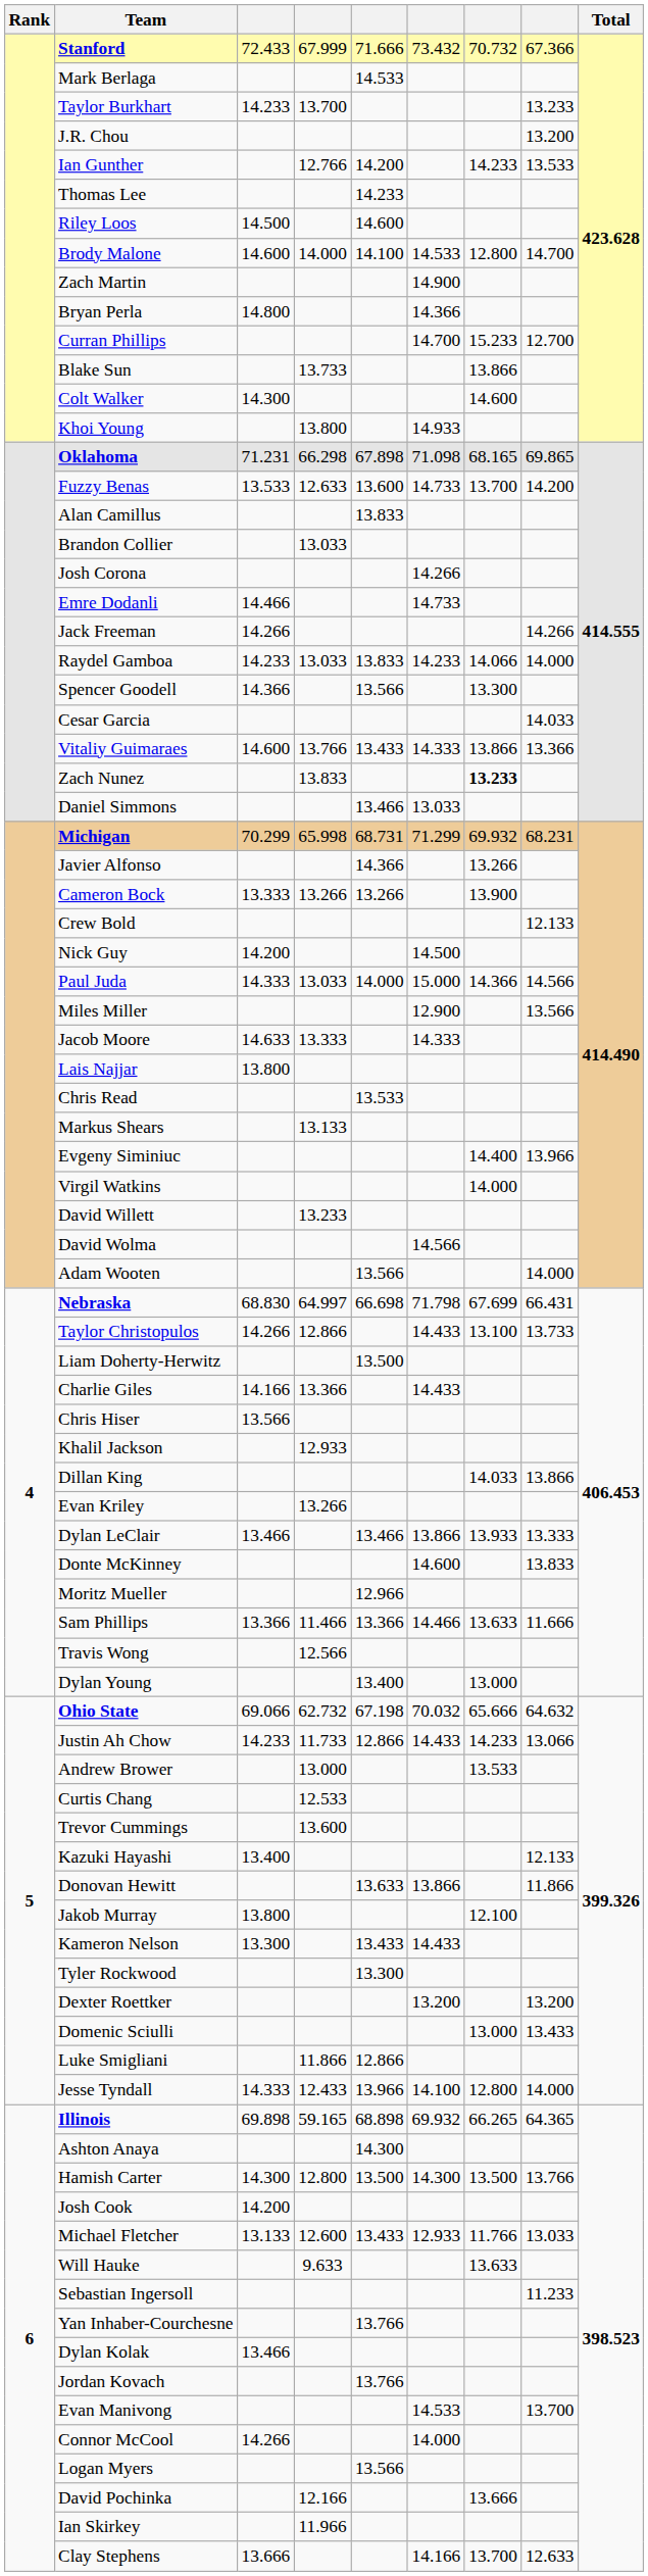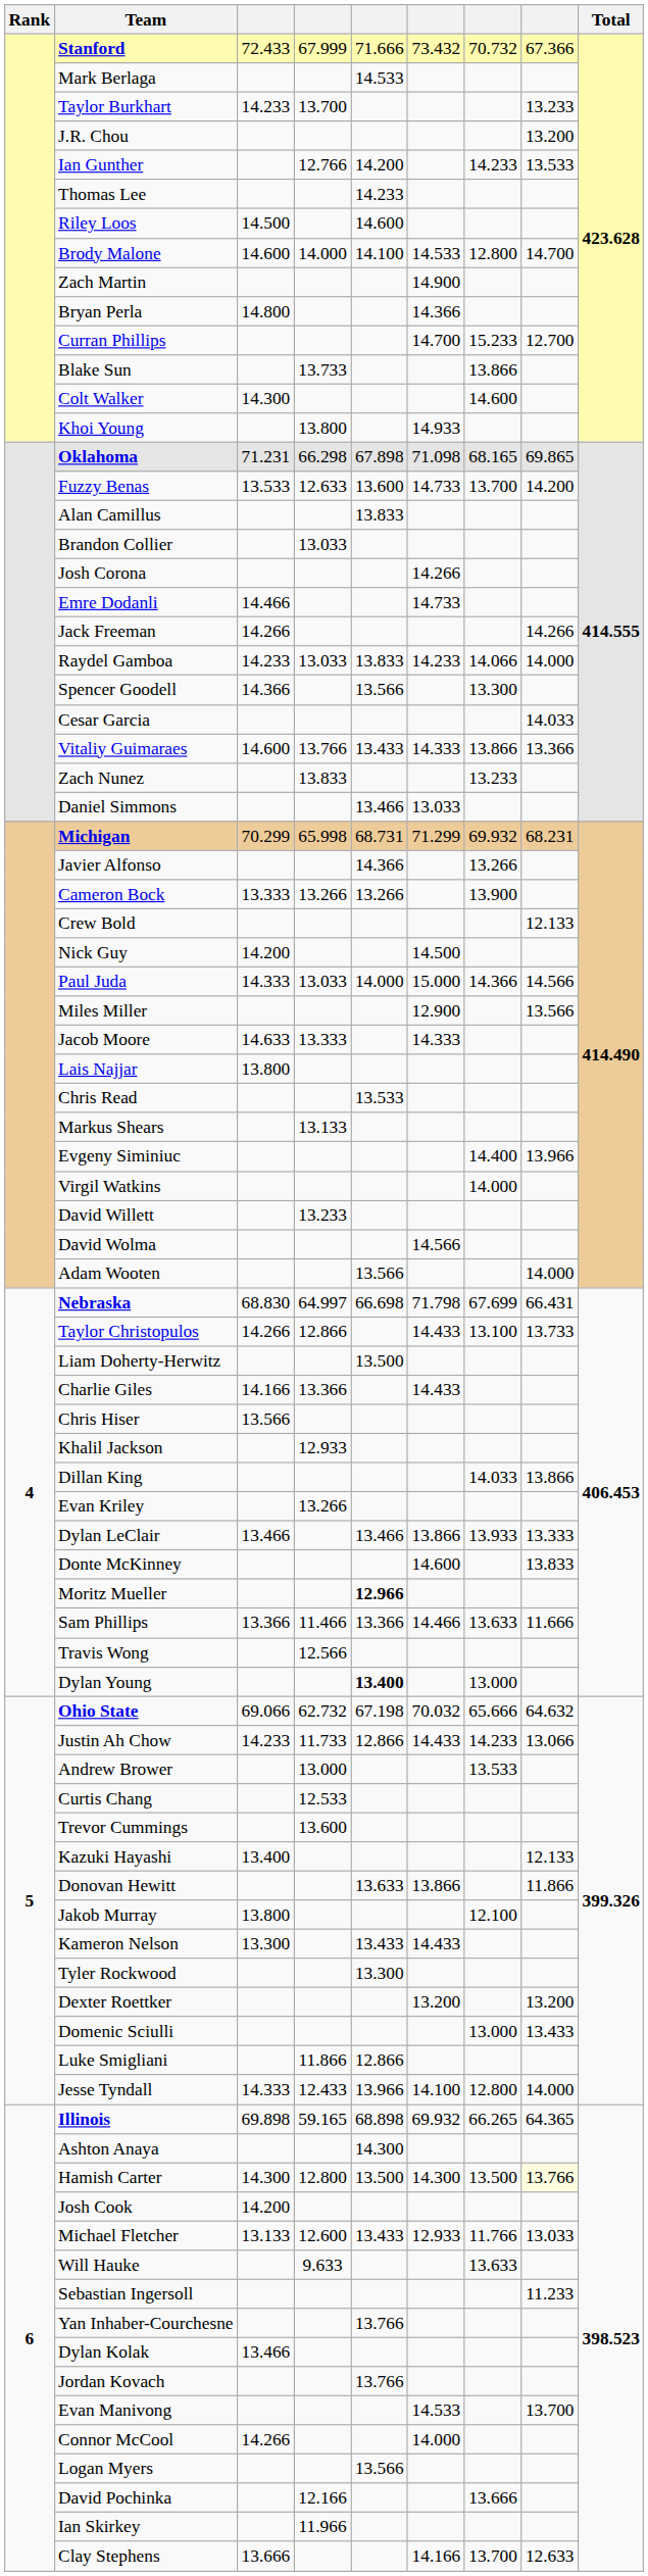 <table class="wikitable" style="text-align:center; font-size:95%">
 <tr>
 <th rowspan="1">Rank</th>
 <th rowspan="1">Team</th>
 <th colspan="1"></th>
 <th colspan="1"></th>
 <th colspan="1"></th>
 <th colspan="1"></th>
 <th colspan="1"></th>
 <th colspan="1"></th>
 <th rowspan="1">Total</th>
 </tr>
 <tr style="background:#fffcaf;">
 <td rowspan="14"></td>
 <td style="text-align:left;"><strong><a href='#'>Stanford</a></strong></td>
 <td>72.433</td>
 <td>67.999</td>
 <td>71.666</td>
 <td>73.432</td>
 <td>70.732</td>
 <td>67.366</td>
 <td rowspan="14"><strong>423.628</strong></td>
 </tr>
 <tr>
 <td style="text-align:left;">Mark Berlaga</td>
 <td></td>
 <td></td>
 <td>14.533</td>
 <td></td>
 <td></td>
 <td></td>
 </tr>
 <tr>
 <td style="text-align:left;"><a href='#'>Taylor Burkhart</a></td>
 <td>14.233</td>
 <td>13.700</td>
 <td></td>
 <td></td>
 <td></td>
 <td>13.233</td>
 </tr>
 <tr>
 <td style="text-align:left;">J.R. Chou</td>
 <td></td>
 <td></td>
 <td></td>
 <td></td>
 <td></td>
 <td>13.200</td>
 </tr>
 <tr>
 <td style="text-align:left;"><a href='#'>Ian Gunther</a></td>
 <td></td>
 <td>12.766</td>
 <td>14.200</td>
 <td></td>
 <td>14.233</td>
 <td>13.533</td>
 </tr>
 <tr>
 <td style="text-align:left;">Thomas Lee</td>
 <td></td>
 <td></td>
 <td>14.233</td>
 <td></td>
 <td></td>
 <td></td>
 </tr>
 <tr>
 <td style="text-align:left;"><a href='#'>Riley Loos</a></td>
 <td>14.500</td>
 <td></td>
 <td>14.600</td>
 <td></td>
 <td></td>
 <td></td>
 </tr>
 <tr>
 <td style="text-align:left;"><a href='#'>Brody Malone</a></td>
 <td>14.600</td>
 <td>14.000</td>
 <td>14.100</td>
 <td>14.533</td>
 <td>12.800</td>
 <td>14.700</td>
 </tr>
 <tr>
 <td style="text-align:left;">Zach Martin</td>
 <td></td>
 <td></td>
 <td></td>
 <td>14.900</td>
 <td></td>
 <td></td>
 </tr>
 <tr>
 <td style="text-align:left;">Bryan Perla</td>
 <td>14.800</td>
 <td></td>
 <td></td>
 <td>14.366</td>
 <td></td>
 <td></td>
 </tr>
 <tr>
 <td style="text-align:left;"><a href='#'>Curran Phillips</a></td>
 <td></td>
 <td></td>
 <td></td>
 <td>14.700</td>
 <td>15.233</td>
 <td>12.700</td>
 </tr>
 <tr>
 <td style="text-align:left;">Blake Sun</td>
 <td></td>
 <td>13.733</td>
 <td></td>
 <td></td>
 <td>13.866</td>
 <td></td>
 </tr>
 <tr>
 <td style="text-align:left;"><a href='#'>Colt Walker</a></td>
 <td>14.300</td>
 <td></td>
 <td></td>
 <td></td>
 <td>14.600</td>
 <td></td>
 </tr>
 <tr>
 <td style="text-align:left;"><a href='#'>Khoi Young</a></td>
 <td></td>
 <td>13.800</td>
 <td></td>
 <td>14.933</td>
 <td></td>
 <td></td>
 </tr>
 <tr style="background:#e5e5e5;">
 <td rowspan="13"></td>
 <td style="text-align:left;"><strong><a href='#'>Oklahoma</a></strong></td>
 <td>71.231</td>
 <td>66.298</td>
 <td>67.898</td>
 <td>71.098</td>
 <td>68.165</td>
 <td>69.865</td>
 <td rowspan="13"><strong>414.555</strong></td>
 </tr>
 <tr>
 <td style="text-align:left;"><a href='#'>Fuzzy Benas</a></td>
 <td>13.533</td>
 <td>12.633</td>
 <td>13.600</td>
 <td>14.733</td>
 <td>13.700</td>
 <td>14.200</td>
 </tr>
 <tr>
 <td style="text-align:left;">Alan Camillus</td>
 <td></td>
 <td></td>
 <td>13.833</td>
 <td></td>
 <td></td>
 <td></td>
 </tr>
 <tr>
 <td style="text-align:left;">Brandon Collier</td>
 <td></td>
 <td>13.033</td>
 <td></td>
 <td></td>
 <td></td>
 <td></td>
 </tr>
 <tr>
 <td style="text-align:left;">Josh Corona</td>
 <td></td>
 <td></td>
 <td></td>
 <td>14.266</td>
 <td></td>
 <td></td>
 </tr>
 <tr>
 <td style="text-align:left;"><a href='#'>Emre Dodanli</a></td>
 <td>14.466</td>
 <td></td>
 <td></td>
 <td>14.733</td>
 <td></td>
 <td></td>
 </tr>
 <tr>
 <td style="text-align:left;">Jack Freeman</td>
 <td>14.266</td>
 <td></td>
 <td></td>
 <td></td>
 <td></td>
 <td>14.266</td>
 </tr>
 <tr>
 <td style="text-align:left;">Raydel Gamboa</td>
 <td>14.233</td>
 <td>13.033</td>
 <td>13.833</td>
 <td>14.233</td>
 <td>14.066</td>
 <td>14.000</td>
 </tr>
 <tr>
 <td style="text-align:left;">Spencer Goodell</td>
 <td>14.366</td>
 <td></td>
 <td>13.566</td>
 <td></td>
 <td>13.300</td>
 <td></td>
 </tr>
 <tr>
 <td style="text-align:left;">Cesar Garcia</td>
 <td></td>
 <td></td>
 <td></td>
 <td></td>
 <td></td>
 <td>14.033</td>
 </tr>
 <tr>
 <td style="text-align:left;"><a href='#'>Vitaliy Guimaraes</a></td>
 <td>14.600</td>
 <td>13.766</td>
 <td>13.433</td>
 <td>14.333</td>
 <td>13.866</td>
 <td>13.366</td>
 </tr>
 <tr>
 <td style="text-align:left;">Zach Nunez</td>
 <td></td>
 <td>13.833</td>
 <td></td>
 <td></td>
-<td><strong>13.233</strong></td>
+<td>13.233</td>
 <td></td>
 </tr>
 <tr>
 <td style="text-align:left;">Daniel Simmons</td>
 <td></td>
 <td></td>
 <td>13.466</td>
 <td>13.033</td>
 <td></td>
 <td></td>
 </tr>
 <tr style="background:#ec9;">
 <td rowspan="16"></td>
 <td style="text-align:left;"><strong><a href='#'>Michigan</a></strong></td>
 <td>70.299</td>
 <td>65.998</td>
 <td>68.731</td>
 <td>71.299</td>
 <td>69.932</td>
 <td>68.231</td>
 <td rowspan="16"><strong>414.490</strong></td>
 </tr>
 <tr>
 <td style="text-align:left;">Javier Alfonso</td>
 <td></td>
 <td></td>
 <td>14.366</td>
 <td></td>
 <td>13.266</td>
 <td></td>
 </tr>
 <tr>
 <td style="text-align:left;"><a href='#'>Cameron Bock</a></td>
 <td>13.333</td>
 <td>13.266</td>
 <td>13.266</td>
 <td></td>
 <td>13.900</td>
 <td></td>
 </tr>
 <tr>
 <td style="text-align:left;">Crew Bold</td>
 <td></td>
 <td></td>
 <td></td>
 <td></td>
 <td></td>
 <td>12.133</td>
 </tr>
 <tr>
 <td style="text-align:left;">Nick Guy</td>
 <td>14.200</td>
 <td></td>
 <td></td>
 <td>14.500</td>
 <td></td>
 <td></td>
 </tr>
 <tr>
 <td style="text-align:left;"><a href='#'>Paul Juda</a></td>
 <td>14.333</td>
 <td>13.033</td>
 <td>14.000</td>
 <td>15.000</td>
 <td>14.366</td>
 <td>14.566</td>
 </tr>
 <tr>
 <td style="text-align:left;">Miles Miller</td>
 <td></td>
 <td></td>
 <td></td>
 <td>12.900</td>
 <td></td>
 <td>13.566</td>
 </tr>
 <tr>
 <td style="text-align:left;">Jacob Moore</td>
 <td>14.633</td>
 <td>13.333</td>
 <td></td>
 <td>14.333</td>
 <td></td>
 <td></td>
 </tr>
 <tr>
 <td style="text-align:left;"><a href='#'>Lais Najjar</a></td>
 <td>13.800</td>
 <td></td>
 <td></td>
 <td></td>
 <td></td>
 <td></td>
 </tr>
 <tr>
 <td style="text-align:left;">Chris Read</td>
 <td></td>
 <td></td>
 <td>13.533</td>
 <td></td>
 <td></td>
 <td></td>
 </tr>
 <tr>
 <td style="text-align:left;">Markus Shears</td>
 <td></td>
 <td>13.133</td>
 <td></td>
 <td></td>
 <td></td>
 <td></td>
 </tr>
 <tr>
 <td style="text-align:left;">Evgeny Siminiuc</td>
 <td></td>
 <td></td>
 <td></td>
 <td></td>
 <td>14.400</td>
 <td>13.966</td>
 </tr>
 <tr>
 <td style="text-align:left;">Virgil Watkins</td>
 <td></td>
 <td></td>
 <td></td>
 <td></td>
 <td>14.000</td>
 <td></td>
 </tr>
 <tr>
 <td style="text-align:left;">David Willett</td>
 <td></td>
 <td>13.233</td>
 <td></td>
 <td></td>
 <td></td>
 <td></td>
 </tr>
 <tr>
 <td style="text-align:left;">David Wolma</td>
 <td></td>
 <td></td>
 <td></td>
 <td>14.566</td>
 <td></td>
 <td></td>
 </tr>
 <tr>
 <td style="text-align:left;">Adam Wooten</td>
 <td></td>
 <td></td>
 <td>13.566</td>
 <td></td>
 <td></td>
 <td>14.000</td>
 </tr>
 <tr>
 <td rowspan="14"><strong>4</strong></td>
 <td style="text-align:left;"><strong><a href='#'>Nebraska</a></strong></td>
 <td>68.830</td>
 <td>64.997</td>
 <td>66.698</td>
 <td>71.798</td>
 <td>67.699</td>
 <td>66.431</td>
 <td rowspan="14"><strong>406.453</strong></td>
 </tr>
 <tr>
 <td style="text-align:left;"><a href='#'>Taylor Christopulos</a></td>
 <td>14.266</td>
 <td>12.866</td>
 <td></td>
 <td>14.433</td>
 <td>13.100</td>
 <td>13.733</td>
 </tr>
 <tr>
 <td style="text-align:left;">Liam Doherty-Herwitz</td>
 <td></td>
 <td></td>
 <td>13.500</td>
 <td></td>
 <td></td>
 <td></td>
 </tr>
 <tr>
 <td style="text-align:left;">Charlie Giles</td>
 <td>14.166</td>
 <td>13.366</td>
 <td></td>
 <td>14.433</td>
 <td></td>
 <td></td>
 </tr>
 <tr>
 <td style="text-align:left;">Chris Hiser</td>
 <td>13.566</td>
 <td></td>
 <td></td>
 <td></td>
 <td></td>
 <td></td>
 </tr>
 <tr>
 <td style="text-align:left;">Khalil Jackson</td>
 <td></td>
 <td>12.933</td>
 <td></td>
 <td></td>
 <td></td>
 <td></td>
 </tr>
 <tr>
 <td style="text-align:left;">Dillan King</td>
 <td></td>
 <td></td>
 <td></td>
 <td></td>
 <td>14.033</td>
 <td>13.866</td>
 </tr>
 <tr>
 <td style="text-align:left;">Evan Kriley</td>
 <td></td>
 <td>13.266</td>
 <td></td>
 <td></td>
 <td></td>
 <td></td>
 </tr>
 <tr>
 <td style="text-align:left;">Dylan LeClair</td>
 <td>13.466</td>
 <td></td>
 <td>13.466</td>
 <td>13.866</td>
 <td>13.933</td>
 <td>13.333</td>
 </tr>
 <tr>
 <td style="text-align:left;">Donte McKinney</td>
 <td></td>
 <td></td>
 <td></td>
 <td>14.600</td>
 <td></td>
 <td>13.833</td>
 </tr>
 <tr>
 <td style="text-align:left;">Moritz Mueller</td>
 <td></td>
 <td></td>
-<td>12.966</td>
+<td><strong>12.966</strong></td>
 <td></td>
 <td></td>
 <td></td>
 </tr>
 <tr>
 <td style="text-align:left;">Sam Phillips</td>
 <td>13.366</td>
 <td>11.466</td>
 <td>13.366</td>
 <td>14.466</td>
 <td>13.633</td>
 <td>11.666</td>
 </tr>
 <tr>
 <td style="text-align:left;">Travis Wong</td>
 <td></td>
 <td>12.566</td>
 <td></td>
 <td></td>
 <td></td>
 <td></td>
 </tr>
 <tr>
 <td style="text-align:left;">Dylan Young</td>
 <td></td>
 <td></td>
-<td>13.400</td>
+<td><strong>13.400</strong></td>
 <td></td>
 <td>13.000</td>
 <td></td>
 </tr>
 <tr>
 <td rowspan="14"><strong>5</strong></td>
 <td style="text-align:left;"><strong><a href='#'>Ohio State</a></strong></td>
 <td>69.066</td>
 <td>62.732</td>
 <td>67.198</td>
 <td>70.032</td>
 <td>65.666</td>
 <td>64.632</td>
 <td rowspan="14"><strong>399.326</strong></td>
 </tr>
 <tr>
 <td style="text-align:left;">Justin Ah Chow</td>
 <td>14.233</td>
 <td>11.733</td>
 <td>12.866</td>
 <td>14.433</td>
 <td>14.233</td>
 <td>13.066</td>
 </tr>
 <tr>
 <td style="text-align:left;">Andrew Brower</td>
 <td></td>
 <td>13.000</td>
 <td></td>
 <td></td>
 <td>13.533</td>
 <td></td>
 </tr>
 <tr>
 <td style="text-align:left;">Curtis Chang</td>
 <td></td>
 <td>12.533</td>
 <td></td>
 <td></td>
 <td></td>
 <td></td>
 </tr>
 <tr>
 <td style="text-align:left;">Trevor Cummings</td>
 <td></td>
 <td>13.600</td>
 <td></td>
 <td></td>
 <td></td>
 <td></td>
 </tr>
 <tr>
 <td style="text-align:left;">Kazuki Hayashi</td>
 <td>13.400</td>
 <td></td>
 <td></td>
 <td></td>
 <td></td>
 <td>12.133</td>
 </tr>
 <tr>
 <td style="text-align:left;">Donovan Hewitt</td>
 <td></td>
 <td></td>
 <td>13.633</td>
 <td>13.866</td>
 <td></td>
 <td>11.866</td>
 </tr>
 <tr>
 <td style="text-align:left;">Jakob Murray</td>
 <td>13.800</td>
 <td></td>
 <td></td>
 <td></td>
 <td>12.100</td>
 <td></td>
 </tr>
 <tr>
 <td style="text-align:left;">Kameron Nelson</td>
 <td>13.300</td>
 <td></td>
 <td>13.433</td>
 <td>14.433</td>
 <td></td>
 <td></td>
 </tr>
 <tr>
 <td style="text-align:left;">Tyler Rockwood</td>
 <td></td>
 <td></td>
 <td>13.300</td>
 <td></td>
 <td></td>
 <td></td>
 </tr>
 <tr>
 <td style="text-align:left;">Dexter Roettker</td>
 <td></td>
 <td></td>
 <td></td>
 <td>13.200</td>
 <td></td>
 <td>13.200</td>
 </tr>
 <tr>
 <td style="text-align:left;">Domenic Sciulli</td>
 <td></td>
 <td></td>
 <td></td>
 <td></td>
 <td>13.000</td>
 <td>13.433</td>
 </tr>
 <tr>
 <td style="text-align:left;">Luke Smigliani</td>
 <td></td>
 <td>11.866</td>
 <td>12.866</td>
 <td></td>
 <td></td>
 <td></td>
 </tr>
 <tr>
 <td style="text-align:left;">Jesse Tyndall</td>
 <td>14.333</td>
 <td>12.433</td>
 <td>13.966</td>
 <td>14.100</td>
 <td>12.800</td>
 <td>14.000</td>
 </tr>
 <tr>
 <td rowspan="16"><strong>6</strong></td>
 <td style="text-align:left;"><strong><a href='#'>Illinois</a></strong></td>
 <td>69.898</td>
 <td>59.165</td>
 <td>68.898</td>
 <td>69.932</td>
 <td>66.265</td>
 <td>64.365</td>
 <td rowspan="16"><strong>398.523</strong></td>
 </tr>
 <tr>
 <td style="text-align:left;">Ashton Anaya</td>
 <td></td>
 <td></td>
 <td>14.300</td>
 <td></td>
 <td></td>
 <td></td>
 </tr>
 <tr>
 <td style="text-align:left;">Hamish Carter</td>
 <td>14.300</td>
 <td>12.800</td>
 <td>13.500</td>
 <td>14.300</td>
 <td>13.500</td>
-<td>13.766</td>
+<td style="background: lightyellow;">13.766</td>
 </tr>
 <tr>
 <td style="text-align:left;">Josh Cook</td>
 <td>14.200</td>
 <td></td>
 <td></td>
 <td></td>
 <td></td>
 <td></td>
 </tr>
 <tr>
 <td style="text-align:left;">Michael Fletcher</td>
 <td>13.133</td>
 <td>12.600</td>
 <td>13.433</td>
 <td>12.933</td>
 <td>11.766</td>
 <td>13.033</td>
 </tr>
 <tr>
 <td style="text-align:left;">Will Hauke</td>
 <td></td>
 <td>9.633</td>
 <td></td>
 <td></td>
 <td>13.633</td>
 <td></td>
 </tr>
 <tr>
 <td style="text-align:left;">Sebastian Ingersoll</td>
 <td></td>
 <td></td>
 <td></td>
 <td></td>
 <td></td>
 <td>11.233</td>
 </tr>
 <tr>
 <td style="text-align:left;">Yan Inhaber-Courchesne</td>
 <td></td>
 <td></td>
 <td>13.766</td>
 <td></td>
 <td></td>
 <td></td>
 </tr>
 <tr>
 <td style="text-align:left;">Dylan Kolak</td>
 <td>13.466</td>
 <td></td>
 <td></td>
 <td></td>
 <td></td>
 <td></td>
 </tr>
 <tr>
 <td style="text-align:left;">Jordan Kovach</td>
 <td></td>
 <td></td>
 <td>13.766</td>
 <td></td>
 <td></td>
 <td></td>
 </tr>
 <tr>
 <td style="text-align:left;">Evan Manivong</td>
 <td></td>
 <td></td>
 <td></td>
 <td>14.533</td>
 <td></td>
 <td>13.700</td>
 </tr>
 <tr>
 <td style="text-align:left;">Connor McCool</td>
 <td>14.266</td>
 <td></td>
 <td></td>
 <td>14.000</td>
 <td></td>
 <td></td>
 </tr>
 <tr>
 <td style="text-align:left;">Logan Myers</td>
 <td></td>
 <td></td>
 <td>13.566</td>
 <td></td>
 <td></td>
 <td></td>
 </tr>
 <tr>
 <td style="text-align:left;">David Pochinka</td>
 <td></td>
 <td>12.166</td>
 <td></td>
 <td></td>
 <td>13.666</td>
 <td></td>
 </tr>
 <tr>
 <td style="text-align:left;">Ian Skirkey</td>
 <td></td>
 <td>11.966</td>
 <td></td>
 <td></td>
 <td></td>
 <td></td>
 </tr>
 <tr>
 <td style="text-align:left;">Clay Stephens</td>
 <td>13.666</td>
 <td></td>
 <td></td>
 <td>14.166</td>
 <td>13.700</td>
 <td>12.633</td>
 </tr>
 </table>
